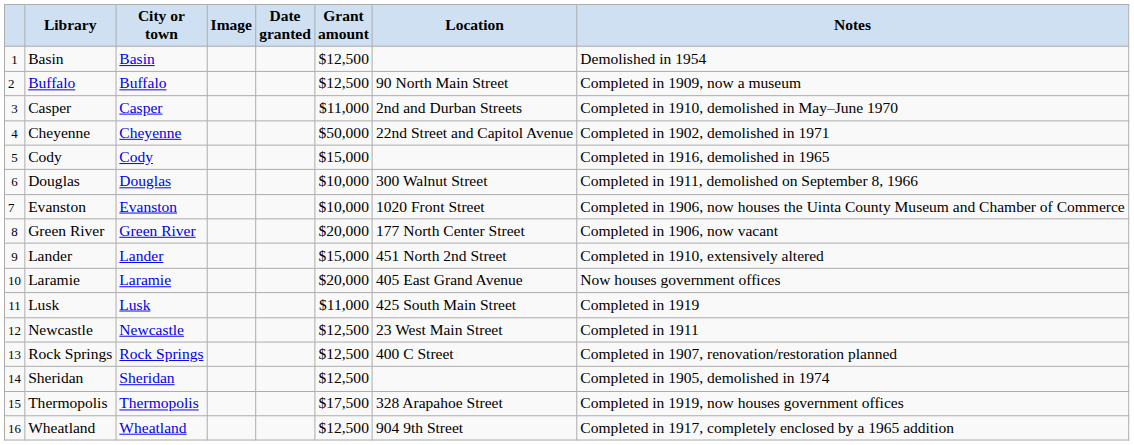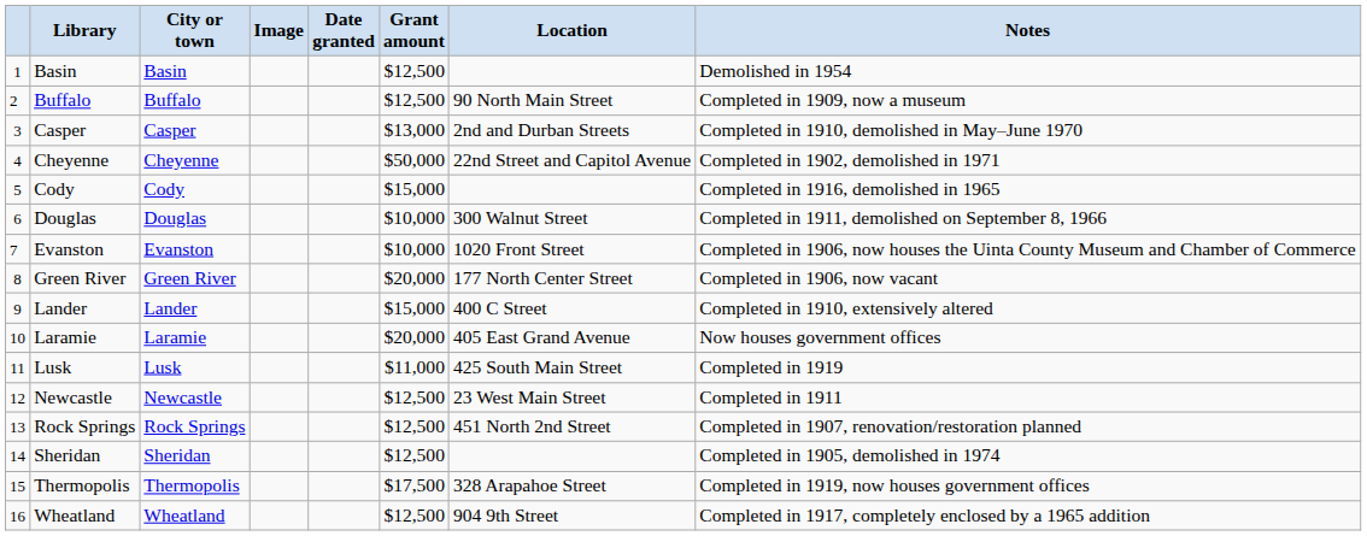 <table class="wikitable sortable" align="center">
 <tr>
 <th style="background-color:#CEE0F2;"></th>
 <th style="background-color:#CEE0F2;"><strong>Library</strong></th>
 <th style="background-color:#CEE0F2;"><strong>City or<br>town</strong></th>
 <th style="background-color:#CEE0F2;" class="unsortable"><strong>Image</strong></th>
 <th style="background-color:#CEE0F2;"><strong>Date<br>granted</strong></th>
 <th style="background-color:#CEE0F2;"><strong>Grant<br>amount</strong></th>
 <th style="background-color:#CEE0F2;"><strong>Location</strong></th>
 <th style="background-color:#CEE0F2;"><strong>Notes</strong></th>
 </tr>
 <tr ->
 <td align=center><small>1</small></td>
 <td>Basin</td>
 <td><a href='#'>Basin</a></td>
 <td></td>
 <td></td>
 <td align=right>$12,500</td>
 <td></td>
 <td>Demolished in 1954</td>
 </tr>
 <tr ->
 <td><small>2</small></td>
 <td><a href='#'>Buffalo</a></td>
 <td><a href='#'>Buffalo</a></td>
 <td></td>
 <td></td>
 <td align=right>$12,500</td>
 <td>90 North Main Street<br><small></small></td>
 <td>Completed in 1909, now a museum</td>
 </tr>
 <tr ->
 <td align=center><small>3</small></td>
 <td>Casper</td>
 <td><a href='#'>Casper</a></td>
 <td></td>
 <td></td>
-<td align=right>$11,000</td>
+<td align=right>$13,000</td>
 <td>2nd and Durban Streets</td>
 <td>Completed in 1910, demolished in May–June 1970</td>
 </tr>
 <tr ->
 <td align=center><small>4</small></td>
 <td>Cheyenne</td>
 <td><a href='#'>Cheyenne</a></td>
 <td></td>
 <td></td>
 <td align=right>$50,000</td>
 <td>22nd Street and Capitol Avenue</td>
 <td>Completed in 1902, demolished in 1971</td>
 </tr>
 <tr ->
 <td align=center><small>5</small></td>
 <td>Cody</td>
 <td><a href='#'>Cody</a></td>
 <td></td>
 <td></td>
 <td align=right>$15,000</td>
 <td></td>
 <td>Completed in 1916, demolished in 1965</td>
 </tr>
 <tr ->
 <td align=center><small>6</small></td>
 <td>Douglas</td>
 <td><a href='#'>Douglas</a></td>
 <td></td>
 <td></td>
 <td align=right>$10,000</td>
 <td>300 Walnut Street</td>
 <td>Completed in 1911, demolished on September 8, 1966</td>
 </tr>
 <tr ->
 <td><small>7</small></td>
 <td>Evanston</td>
 <td><a href='#'>Evanston</a></td>
 <td></td>
 <td></td>
 <td align=right>$10,000</td>
 <td>1020 Front Street<br><small></small></td>
 <td>Completed in 1906, now houses the Uinta County Museum and Chamber of Commerce</td>
 </tr>
 <tr ->
 <td align=center><small>8</small></td>
 <td>Green River</td>
 <td><a href='#'>Green River</a></td>
 <td></td>
 <td></td>
 <td align=right>$20,000</td>
 <td>177 North Center Street<br><small></small></td>
 <td>Completed in 1906, now vacant</td>
 </tr>
 <tr ->
 <td align=center><small>9</small></td>
 <td>Lander</td>
 <td><a href='#'>Lander</a></td>
 <td></td>
 <td></td>
 <td align=right>$15,000</td>
-<td>451 North 2nd Street<br><small></small></td>
+<td>400 C Street<br><small></small></td>
 <td>Completed in 1910, extensively altered</td>
 </tr>
 <tr ->
 <td><small>10</small></td>
 <td>Laramie</td>
 <td><a href='#'>Laramie</a></td>
 <td></td>
 <td></td>
 <td align=right>$20,000</td>
 <td>405 East Grand Avenue<br><small></small></td>
 <td>Now houses government offices</td>
 </tr>
 <tr ->
 <td align=center><small>11</small></td>
 <td>Lusk</td>
 <td><a href='#'>Lusk</a></td>
 <td></td>
 <td></td>
 <td align=right>$11,000</td>
 <td>425 South Main Street<br><small></small></td>
 <td>Completed in 1919</td>
 </tr>
 <tr ->
 <td align=center><small>12</small></td>
 <td>Newcastle</td>
 <td><a href='#'>Newcastle</a></td>
 <td></td>
 <td></td>
 <td align=right>$12,500</td>
 <td>23 West Main Street<br><small></small></td>
 <td>Completed in 1911</td>
 </tr>
 <tr ->
 <td align=center><small>13</small></td>
 <td>Rock Springs</td>
 <td><a href='#'>Rock Springs</a></td>
 <td></td>
 <td></td>
 <td align=right>$12,500</td>
-<td>400 C Street<br><small></small></td>
+<td>451 North 2nd Street<br><small></small></td>
 <td>Completed in 1907, renovation/restoration planned</td>
 </tr>
 <tr ->
 <td align=center><small>14</small></td>
 <td>Sheridan</td>
 <td><a href='#'>Sheridan</a></td>
 <td></td>
 <td></td>
 <td align=right>$12,500</td>
 <td></td>
 <td>Completed in 1905, demolished in 1974</td>
 </tr>
 <tr ->
 <td align=center><small>15</small></td>
 <td>Thermopolis</td>
 <td><a href='#'>Thermopolis</a></td>
 <td></td>
 <td></td>
 <td align=right>$17,500</td>
 <td>328 Arapahoe Street<br><small></small></td>
 <td>Completed in 1919, now houses government offices</td>
 </tr>
 <tr ->
 <td align=center><small>16</small></td>
 <td>Wheatland</td>
 <td><a href='#'>Wheatland</a></td>
 <td></td>
 <td></td>
 <td align=right>$12,500</td>
 <td>904 9th Street<br><small></small></td>
 <td>Completed in 1917, completely enclosed by a 1965 addition</td>
 </tr>
 </table>
